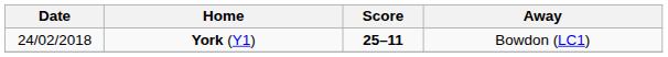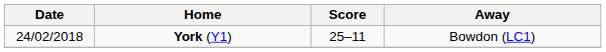 <table class="wikitable" style="text-align: center">
 <tr>
 <th width=100>Date</th>
 <th width=250>Home</th>
 <th width=80>Score</th>
 <th width=250>Away</th>
 </tr>
 <tr>
 <td>24/02/2018</td>
 <td><strong>York</strong> (<a href='#'>Y1</a>)</td>
-<td><strong>25–11</strong></td>
+<td>25–11</td>
 <td>Bowdon (<a href='#'>LC1</a>)</td>
 </tr>
 <tr>
 </tr>
 </table>
